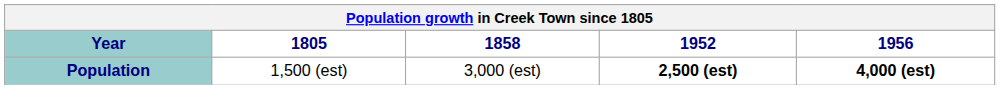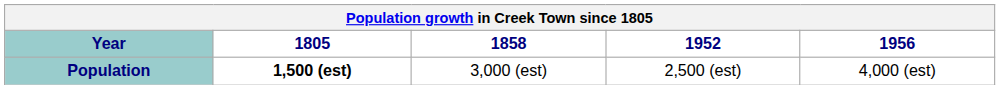 <table class="wikitable" style="font-size:90%; width:70%; border:0; text-align:center; line-height:120%;">
 <tr>
 <th colspan="24" style="text-align:center;font-size:90%;"><a href='#'>Population growth</a> in Creek Town since 1805</th>
 </tr>
 <tr>
 <th style="background:#9cc; color:navy; height:17px;">Year</th>
 <th style="background:#fff; color:navy;">1805</th>
 <th style="background:#fff; color:navy;">1858</th>
 <th style="background:#fff; color:navy;">1952</th>
 <th style="background:#fff; color:navy;">1956</th>
 </tr>
 <tr style="text-align:center;">
 <th style="background:#9cc; color:navy; height:17px;">Population</th>
-<td style="background:#fff; color:black;">1,500 (est)</td>
+<td style="background:#fff; color:black;"><strong>1,500 (est)</strong></td>
 <td style="background:#fff; color:black;">3,000 (est)</td>
-<td style="background:#fff; color:black;"><strong>2,500 (est)</strong></td>
-<td style="background:#fff; color:black;"><strong>4,000 (est)</strong></td>
+<td style="background:#fff; color:black;">2,500 (est)</td>
+<td style="background:#fff; color:black;">4,000 (est)</td>
 </tr>
 <tr>
 </tr>
 </table>
